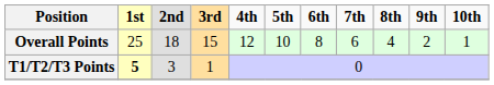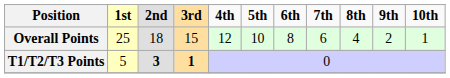 <table class="wikitable" style="font-size:85%; text-align:center">
 <tr>
 <th>Position</th>
 <td style="background:#ffffbf;"> <strong>1st</strong> </td>
 <td style="background:#dfdfdf;"> <strong>2nd</strong> </td>
 <td style="background:#ffdf9f;"> <strong>3rd</strong> </td>
 <td> <strong>4th</strong> </td>
 <td> <strong>5th</strong> </td>
 <td> <strong>6th</strong> </td>
 <td> <strong>7th</strong> </td>
 <td> <strong>8th</strong> </td>
 <td> <strong>9th</strong> </td>
 <td> <strong>10th</strong> </td>
 </tr>
 <tr>
 <th>Overall Points</th>
 <td style="background:#ffffbf;">25</td>
 <td style="background:#dfdfdf;">18</td>
 <td style="background:#ffdf9f;">15</td>
 <td style="background:#dfffdf;">12</td>
 <td style="background:#dfffdf;">10</td>
 <td style="background:#dfffdf;">8</td>
 <td style="background:#dfffdf;">6</td>
 <td style="background:#dfffdf;">4</td>
 <td style="background:#dfffdf;">2</td>
 <td style="background:#dfffdf;">1</td>
 </tr>
 <tr>
 <th>T1/T2/T3 Points</th>
-<td style="background:#ffffbf;"><strong>5</strong></td>
-<td style="background:#dfdfdf;">3</td>
-<td style="background:#ffdf9f;">1</td>
+<td style="background:#ffffbf;">5</td>
+<td style="background:#dfdfdf;"><strong>3</strong></td>
+<td style="background:#ffdf9f;"><strong>1</strong></td>
 <td style="background:#cfcfff;" colspan=7>0</td>
 </tr>
 <tr>
 </tr>
 </table>
